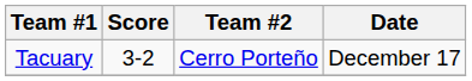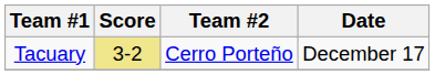 <table class="wikitable" style="text-align:center">
 <tr>
 <th>Team #1</th>
 <th>Score</th>
 <th>Team #2</th>
 <th>Date</th>
 </tr>
 <tr>
 <td><a href='#'>Tacuary</a></td>
-<td>3-2</td>
+<td style="background: khaki;">3-2</td>
 <td><a href='#'>Cerro Porteño</a></td>
 <td>December 17</td>
 </tr>
 <tr>
 </tr>
 </table>
